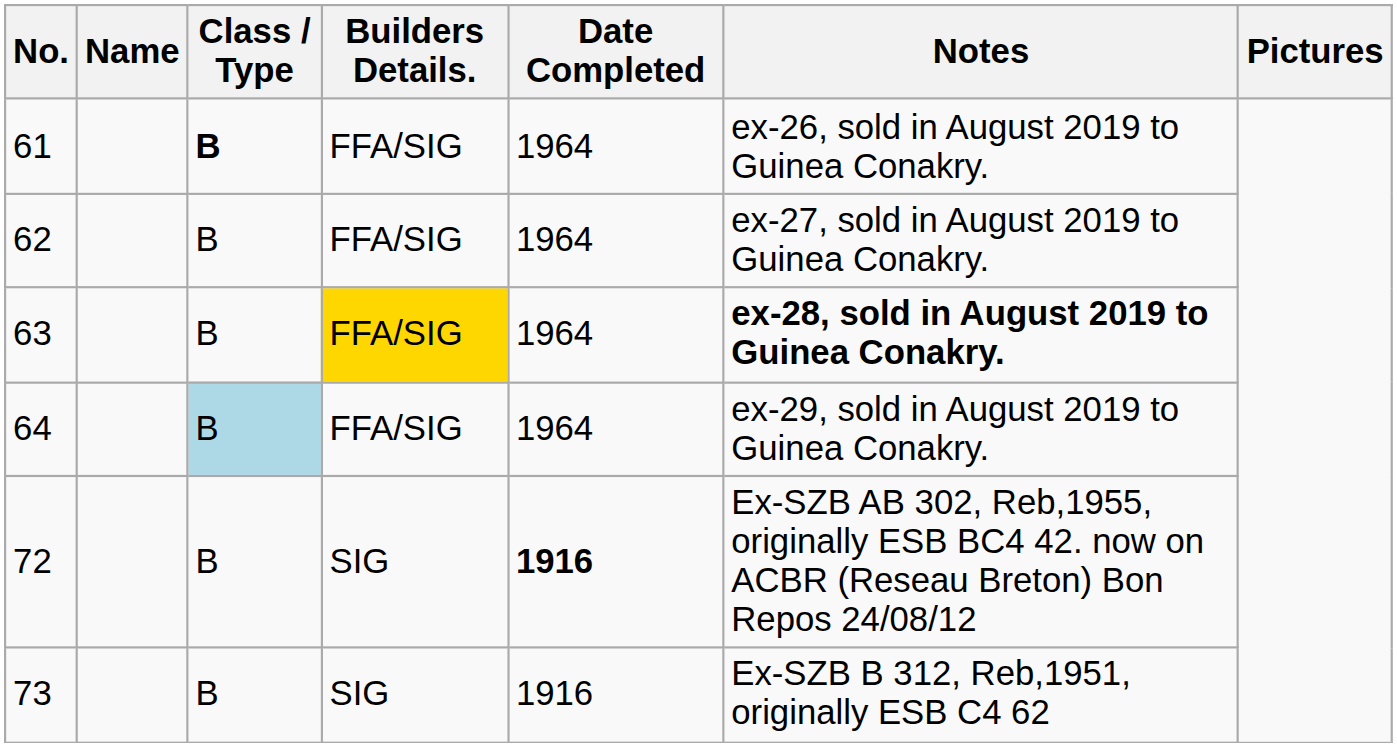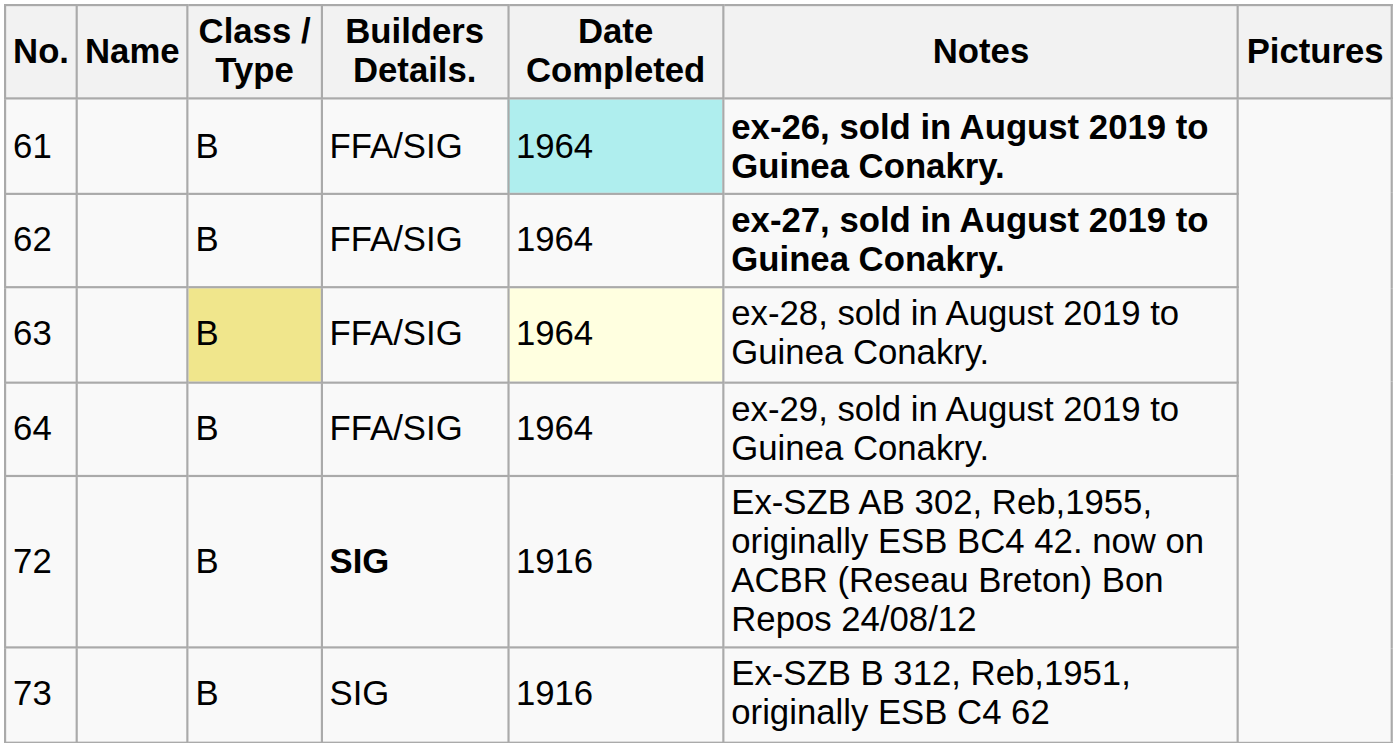 <table class="wikitable" width="640">
 <tr>
 <th>No.</th>
 <th>Name</th>
 <th>Class / Type</th>
 <th>Builders Details.</th>
 <th>Date Completed</th>
 <th>Notes</th>
 <th>Pictures</th>
 </tr>
 <tr>
 <td>61</td>
 <td></td>
-<td><strong>B</strong></td>
+<td>B</td>
 <td>FFA/SIG</td>
-<td>1964</td>
-<td>ex-26, sold in August 2019 to Guinea Conakry.</td>
+<td style="background: paleturquoise;">1964</td>
+<td><strong>ex-26, sold in August 2019 to Guinea Conakry.</strong></td>
 </tr>
 <tr>
 <td>62</td>
 <td></td>
 <td>B</td>
 <td>FFA/SIG</td>
 <td>1964</td>
-<td>ex-27, sold in August 2019 to Guinea Conakry.</td>
+<td><strong>ex-27, sold in August 2019 to Guinea Conakry.</strong></td>
 </tr>
 <tr>
 <td>63</td>
 <td></td>
-<td>B</td>
-<td style="background: gold;">FFA/SIG</td>
-<td>1964</td>
-<td><strong>ex-28, sold in August 2019 to Guinea Conakry.</strong></td>
+<td style="background: khaki;">B</td>
+<td>FFA/SIG</td>
+<td style="background: lightyellow;">1964</td>
+<td>ex-28, sold in August 2019 to Guinea Conakry.</td>
 </tr>
 <tr>
 <td>64</td>
 <td></td>
-<td style="background: lightblue;">B</td>
+<td>B</td>
 <td>FFA/SIG</td>
 <td>1964</td>
 <td>ex-29, sold in August 2019 to Guinea Conakry.</td>
 </tr>
 <tr>
 <td>72</td>
 <td></td>
 <td>B</td>
-<td>SIG</td>
-<td><strong>1916</strong></td>
+<td><strong>SIG</strong></td>
+<td>1916</td>
 <td>Ex-SZB AB 302, Reb,1955, originally ESB BC4 42. now on ACBR (Reseau Breton)  Bon Repos 24/08/12</td>
 </tr>
 <tr>
 <td>73</td>
 <td></td>
 <td>B</td>
 <td>SIG</td>
 <td>1916</td>
 <td>Ex-SZB B 312, Reb,1951, originally ESB C4 62</td>
 </tr>
 <tr>
 </tr>
 </table>
